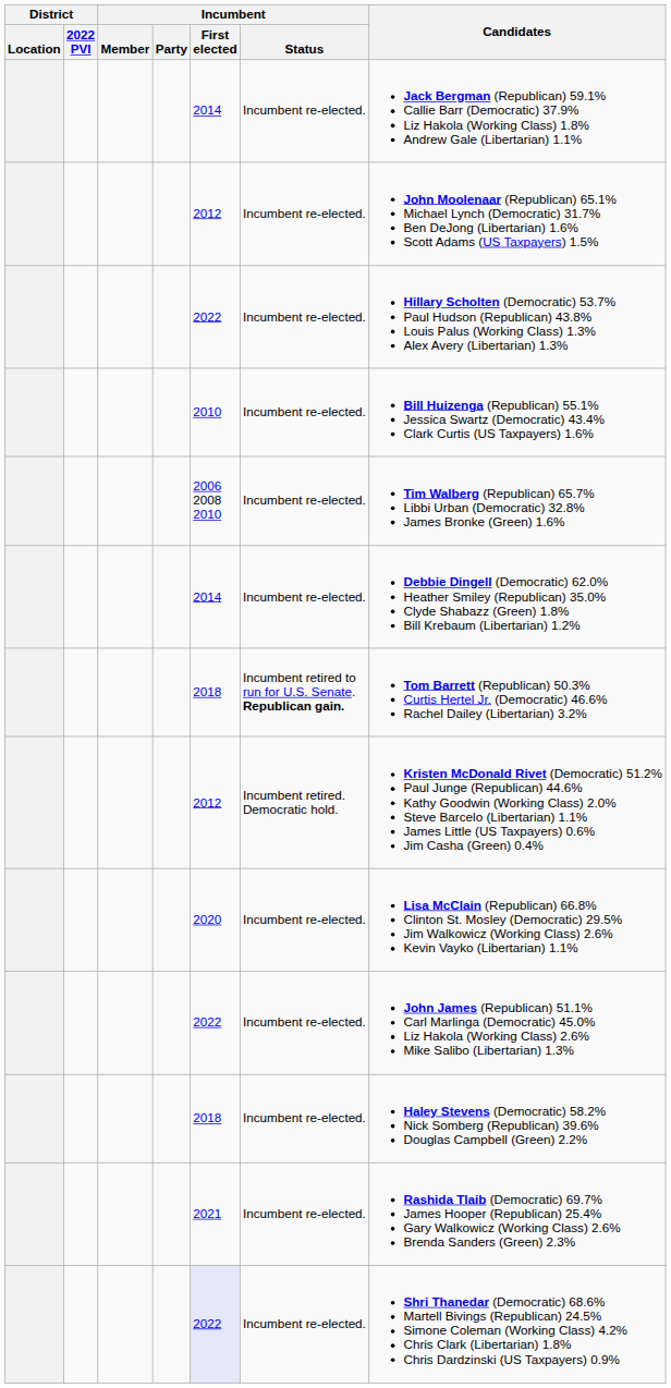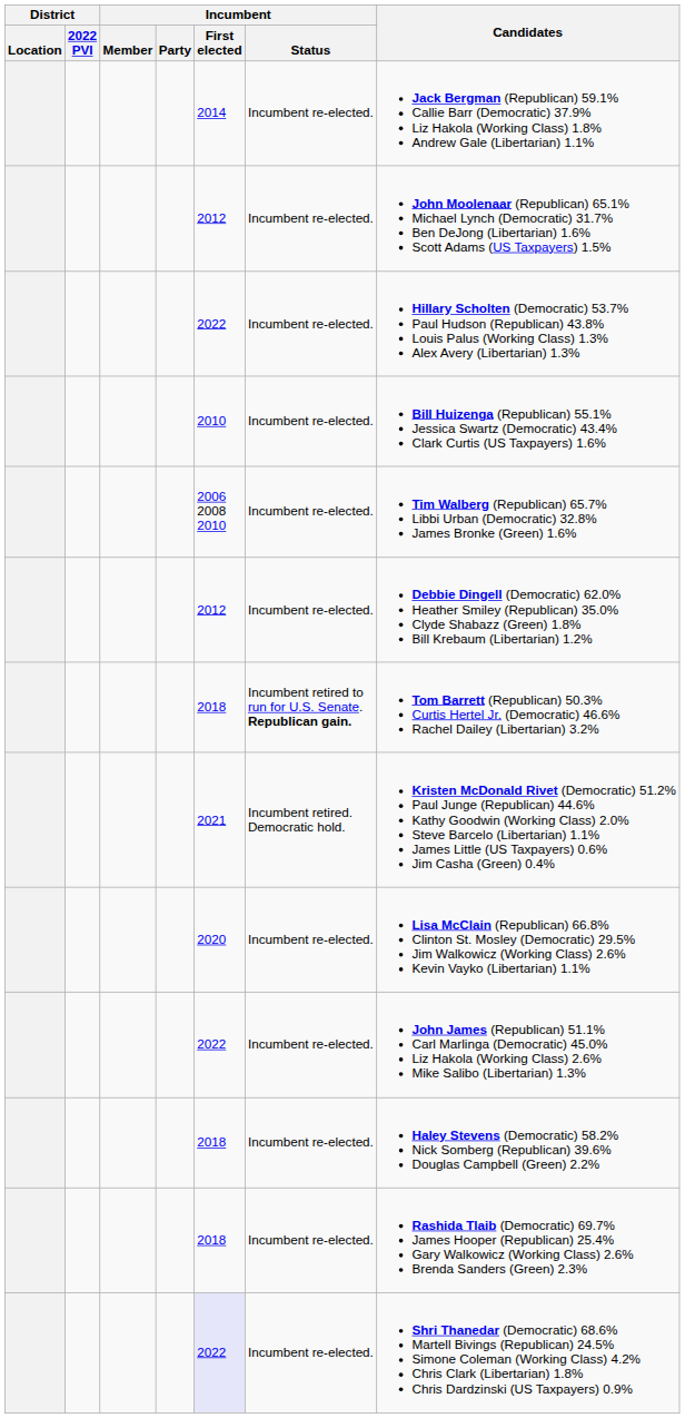 <table class="wikitable sortable">
 <tr>
 <th colspan=2>District</th>
 <th colspan=4>Incumbent</th>
 <th rowspan=2 class="unsortable">Candidates</th>
 </tr>
 <tr valign=bottom>
 <th>Location</th>
 <th><a href='#'>2022<br>PVI</a></th>
 <th>Member</th>
 <th>Party</th>
 <th>First<br>elected</th>
 <th>Status</th>
 </tr>
 <tr>
 <th></th>
 <td></td>
 <td></td>
 <td></td>
 <td><a href='#'>2014</a></td>
 <td>Incumbent re-elected.</td>
 <td nowrap><br><ul><li> <strong><a href='#'>Jack Bergman</a></strong> (Republican) 59.1%</li><li>Callie Barr (Democratic) 37.9%</li><li>Liz Hakola (Working Class) 1.8%</li><li>Andrew Gale (Libertarian) 1.1%</li></ul></td>
 </tr>
 <tr>
 <th></th>
 <td></td>
 <td></td>
 <td></td>
 <td><a href='#'>2012</a></td>
 <td>Incumbent re-elected.</td>
 <td nowrap><br><ul><li> <strong><a href='#'>John Moolenaar</a></strong> (Republican) 65.1%</li><li>Michael Lynch (Democratic) 31.7%</li><li>Ben DeJong (Libertarian) 1.6%</li><li>Scott Adams (<a href='#'>US Taxpayers</a>) 1.5%</li></ul></td>
 </tr>
 <tr>
 <th></th>
 <td></td>
 <td></td>
 <td></td>
 <td><a href='#'>2022</a></td>
 <td>Incumbent re-elected.</td>
 <td nowrap><br><ul><li> <strong><a href='#'>Hillary Scholten</a></strong> (Democratic) 53.7%</li><li>Paul Hudson (Republican) 43.8%</li><li>Louis Palus (Working Class) 1.3%</li><li>Alex Avery (Libertarian) 1.3%</li></ul></td>
 </tr>
 <tr>
 <th></th>
 <td></td>
 <td></td>
 <td></td>
 <td><a href='#'>2010</a></td>
 <td>Incumbent re-elected.</td>
 <td nowrap><br><ul><li> <strong><a href='#'>Bill Huizenga</a></strong> (Republican) 55.1%</li><li>Jessica Swartz (Democratic) 43.4%</li><li>Clark Curtis (US Taxpayers) 1.6%</li></ul></td>
 </tr>
 <tr>
 <th></th>
 <td></td>
 <td></td>
 <td></td>
 <td><a href='#'>2006</a><br>2008 <br><a href='#'>2010</a></td>
 <td>Incumbent re-elected.</td>
 <td nowrap><br><ul><li> <strong><a href='#'>Tim Walberg</a></strong> (Republican) 65.7%</li><li>Libbi Urban (Democratic) 32.8%</li><li>James Bronke (Green) 1.6%</li></ul></td>
 </tr>
 <tr>
 <th></th>
 <td></td>
 <td></td>
 <td></td>
-<td><a href='#'>2014</a></td>
+<td><a href='#'>2012</a></td>
 <td>Incumbent re-elected.</td>
 <td nowrap><br><ul><li> <strong><a href='#'>Debbie Dingell</a></strong> (Democratic) 62.0%</li><li>Heather Smiley (Republican) 35.0%</li><li>Clyde Shabazz (Green) 1.8%</li><li>Bill Krebaum (Libertarian) 1.2%</li></ul></td>
 </tr>
 <tr>
 <th></th>
 <td></td>
 <td></td>
 <td></td>
 <td><a href='#'>2018</a></td>
 <td>Incumbent retired to<br><a href='#'>run for U.S. Senate</a>.<br><strong>Republican gain.</strong></td>
 <td nowrap><br><ul><li> <strong><a href='#'>Tom Barrett</a></strong> (Republican) 50.3%</li><li><a href='#'>Curtis Hertel Jr.</a> (Democratic) 46.6%</li><li>Rachel Dailey (Libertarian) 3.2%</li></ul></td>
 </tr>
 <tr>
 <th></th>
 <td></td>
 <td></td>
 <td></td>
-<td><a href='#'>2012</a></td>
+<td><a href='#'>2021</a></td>
 <td>Incumbent retired.<br>Democratic hold.</td>
 <td nowrap><br><ul><li> <strong><a href='#'>Kristen McDonald Rivet</a></strong> (Democratic) 51.2%</li><li>Paul Junge (Republican) 44.6%</li><li>Kathy Goodwin (Working Class) 2.0%</li><li>Steve Barcelo (Libertarian) 1.1%</li><li>James Little (US Taxpayers) 0.6%</li><li>Jim Casha (Green) 0.4%</li></ul></td>
 </tr>
 <tr>
 <th></th>
 <td></td>
 <td></td>
 <td></td>
 <td><a href='#'>2020</a></td>
 <td>Incumbent re-elected.</td>
 <td nowrap><br><ul><li> <strong><a href='#'>Lisa McClain</a></strong> (Republican) 66.8%</li><li>Clinton St. Mosley (Democratic) 29.5%</li><li>Jim Walkowicz (Working Class) 2.6%</li><li>Kevin Vayko (Libertarian) 1.1%</li></ul></td>
 </tr>
 <tr>
 <th></th>
 <td></td>
 <td></td>
 <td></td>
 <td><a href='#'>2022</a></td>
 <td>Incumbent re-elected.</td>
 <td nowrap><br><ul><li> <strong><a href='#'>John James</a></strong> (Republican) 51.1%</li><li>Carl Marlinga (Democratic) 45.0%</li><li>Liz Hakola (Working Class) 2.6%</li><li>Mike Salibo (Libertarian) 1.3%</li></ul></td>
 </tr>
 <tr>
 <th></th>
 <td></td>
 <td></td>
 <td></td>
 <td><a href='#'>2018</a></td>
 <td>Incumbent re-elected.</td>
 <td nowrap><br><ul><li> <strong><a href='#'>Haley Stevens</a></strong> (Democratic) 58.2%</li><li>Nick Somberg (Republican) 39.6%</li><li>Douglas Campbell (Green) 2.2%</li></ul></td>
 </tr>
 <tr>
 <th></th>
 <td></td>
 <td></td>
 <td></td>
-<td><a href='#'>2021</a></td>
+<td><a href='#'>2018</a></td>
 <td>Incumbent re-elected.</td>
 <td nowrap><br><ul><li> <strong><a href='#'>Rashida Tlaib</a></strong> (Democratic) 69.7%</li><li>James Hooper (Republican) 25.4%</li><li>Gary Walkowicz (Working Class) 2.6%</li><li>Brenda Sanders (Green) 2.3%</li></ul></td>
 </tr>
 <tr>
 <th></th>
 <td></td>
 <td></td>
 <td></td>
 <td style="background: lavender;"><a href='#'>2022</a></td>
 <td>Incumbent re-elected.</td>
 <td nowrap><br><ul><li> <strong><a href='#'>Shri Thanedar</a></strong> (Democratic) 68.6%</li><li>Martell Bivings (Republican) 24.5%</li><li>Simone Coleman (Working Class) 4.2%</li><li>Chris Clark (Libertarian) 1.8%</li><li>Chris Dardzinski (US Taxpayers) 0.9%</li></ul></td>
 </tr>
 </table>
